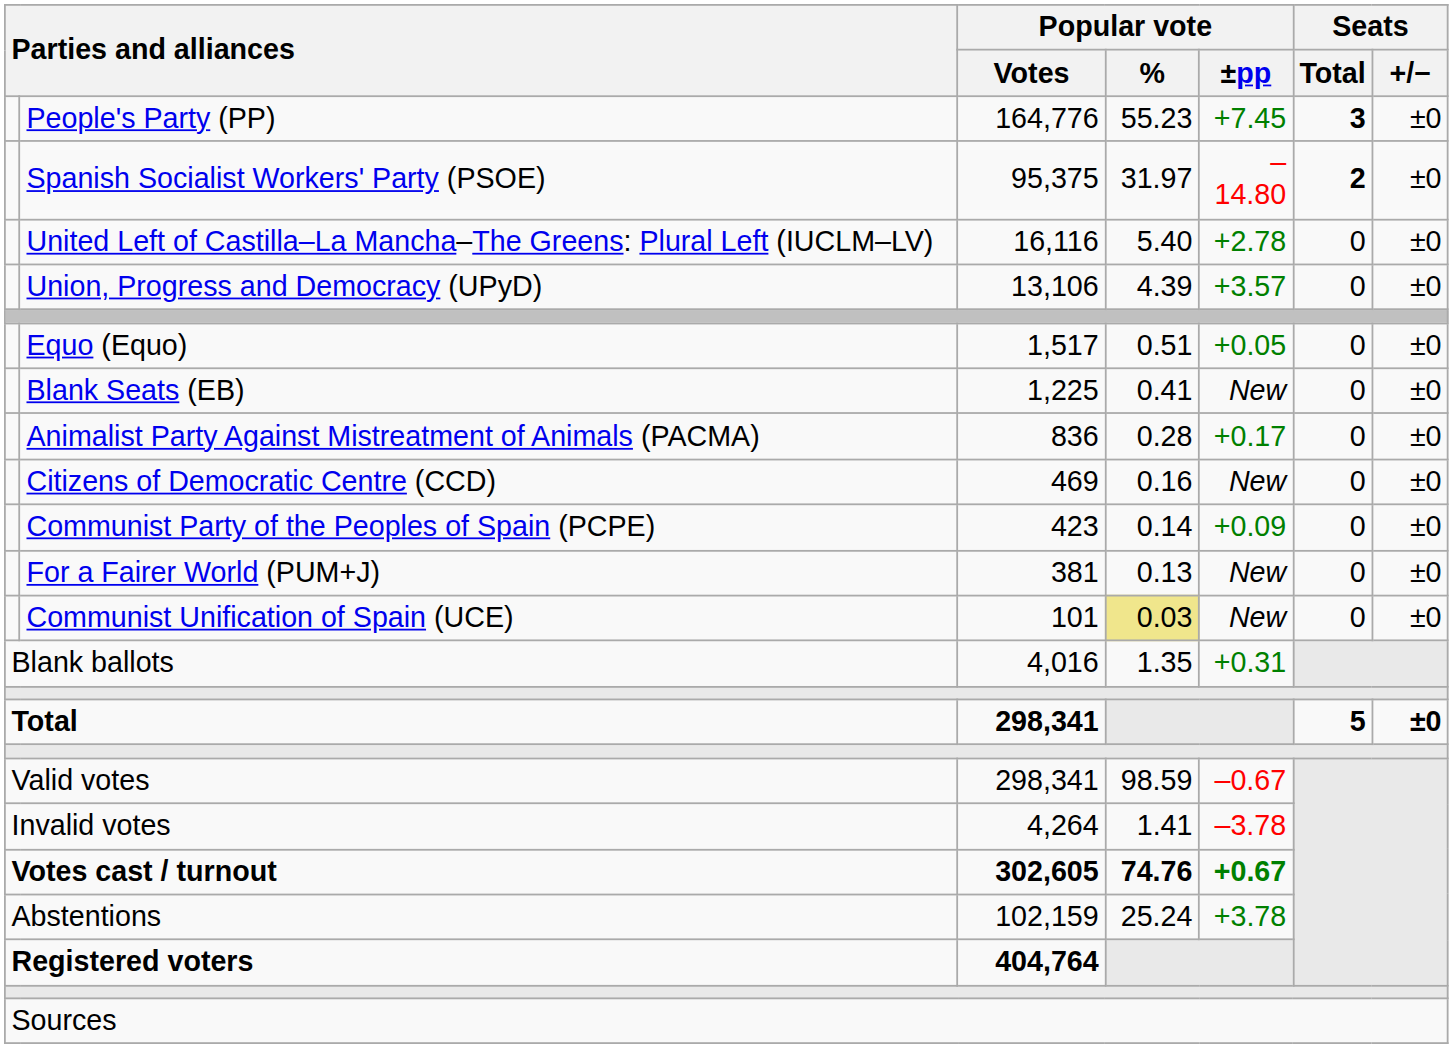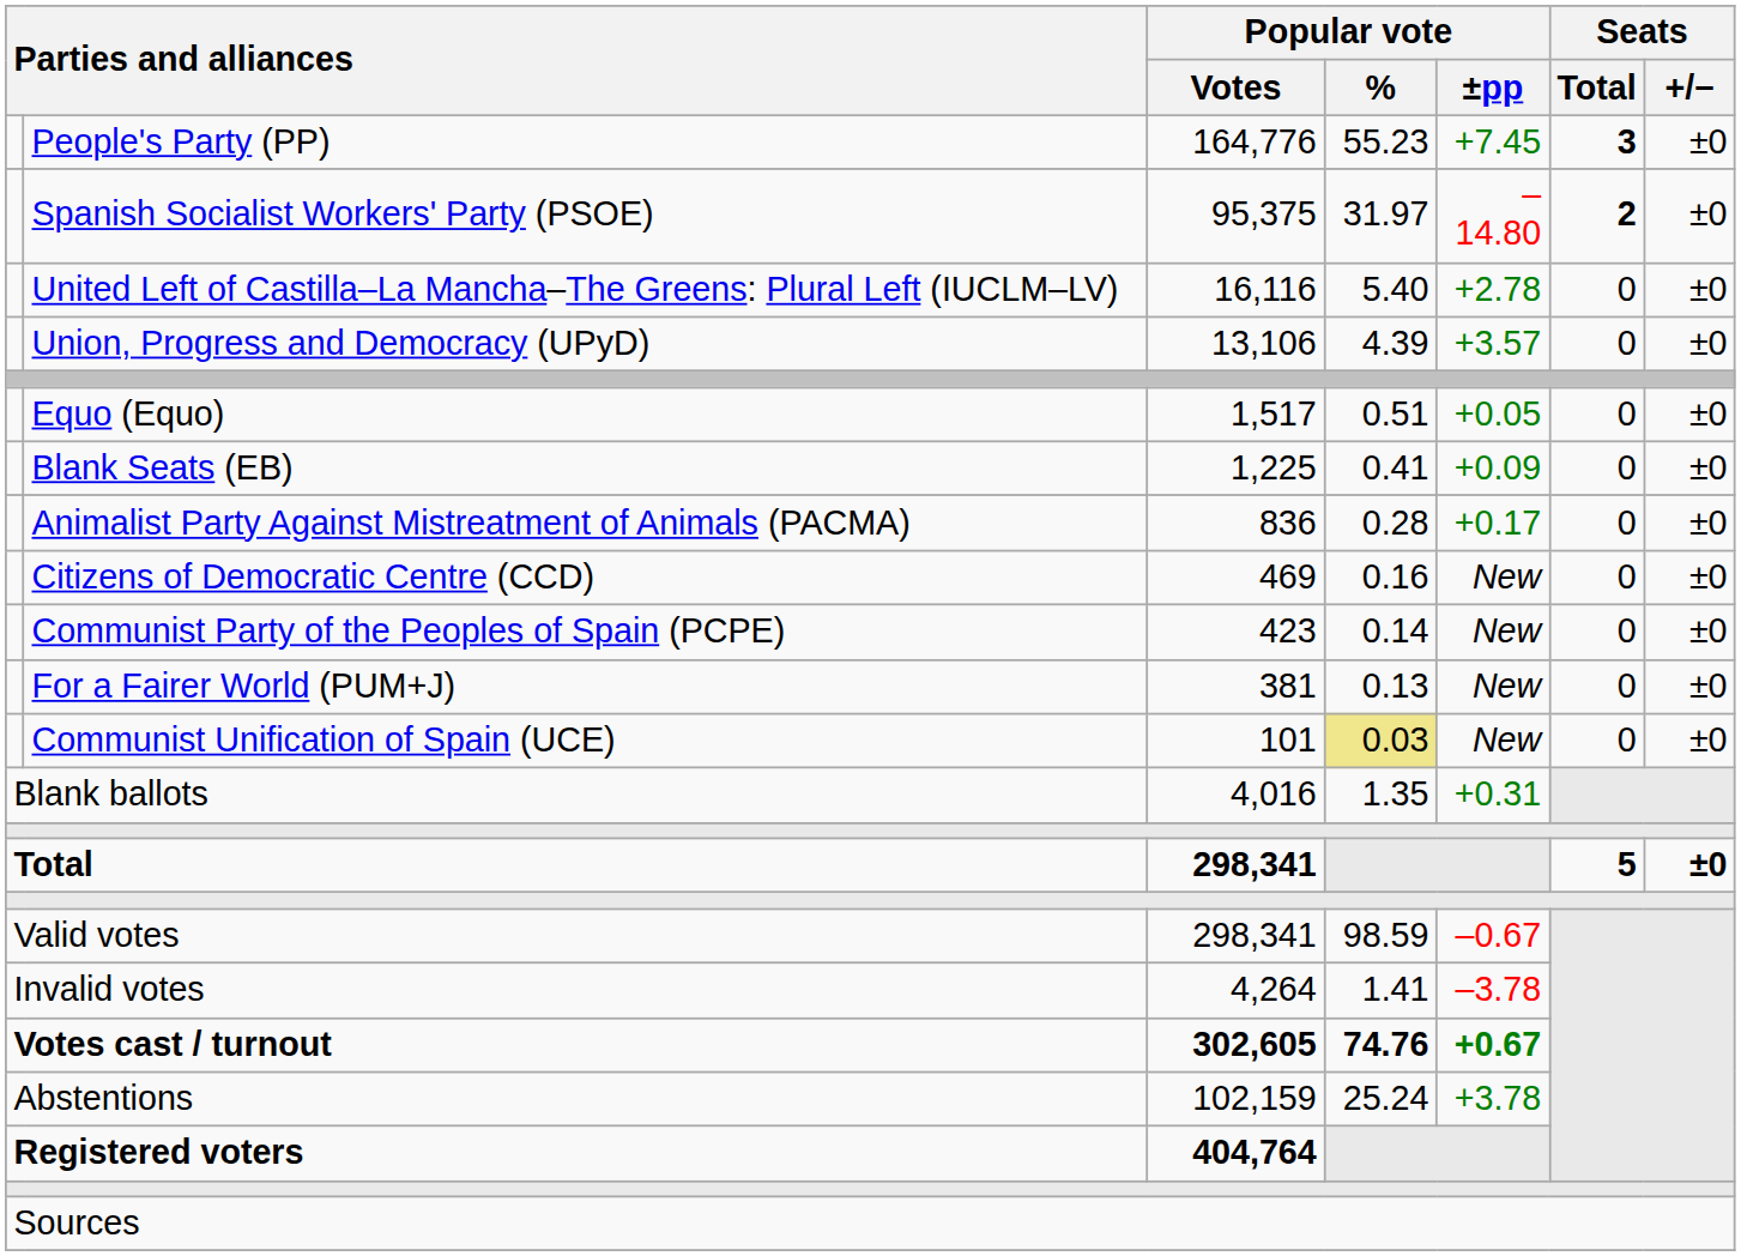 <table class="wikitable" style="text-align:right;">
 <tr>
 <th style="text-align:left;" rowspan="2" colspan="2" width="525">Parties and alliances</th>
 <th colspan="3">Popular vote</th>
 <th colspan="2">Seats</th>
 </tr>
 <tr>
 <th width="75">Votes</th>
 <th width="45">%</th>
 <th width="45">±<a href='#'>pp</a></th>
 <th width="35">Total</th>
 <th width="35">+/−</th>
 </tr>
 <tr>
 <td width="1" style="color:inherit;background:"></td>
 <td align="left"><a href='#'>People's Party</a> (PP)</td>
 <td>164,776</td>
 <td>55.23</td>
 <td style="color:green;">+7.45</td>
 <td><strong>3</strong></td>
 <td>±0</td>
 </tr>
 <tr>
 <td style="color:inherit;background:"></td>
 <td align="left"><a href='#'>Spanish Socialist Workers' Party</a> (PSOE)</td>
 <td>95,375</td>
 <td>31.97</td>
 <td style="color:red;">–14.80</td>
 <td><strong>2</strong></td>
 <td>±0</td>
 </tr>
 <tr>
 <td style="color:inherit;background:"></td>
 <td align="left"><a href='#'>United Left of Castilla–La Mancha</a>–<a href='#'>The Greens</a>: <a href='#'>Plural Left</a> (IUCLM–LV)</td>
 <td>16,116</td>
 <td>5.40</td>
 <td style="color:green;">+2.78</td>
 <td>0</td>
 <td>±0</td>
 </tr>
 <tr>
 <td style="color:inherit;background:"></td>
 <td align="left"><a href='#'>Union, Progress and Democracy</a> (UPyD)</td>
 <td>13,106</td>
 <td>4.39</td>
 <td style="color:green;">+3.57</td>
 <td>0</td>
 <td>±0</td>
 </tr>
 <tr>
 <td colspan="7" bgcolor="#C0C0C0"></td>
 </tr>
 <tr>
 <td style="color:inherit;background:"></td>
 <td align="left"><a href='#'>Equo</a> (Equo)</td>
 <td>1,517</td>
 <td>0.51</td>
 <td style="color:green;">+0.05</td>
 <td>0</td>
 <td>±0</td>
 </tr>
 <tr>
 <td style="color:inherit;background:"></td>
 <td align="left"><a href='#'>Blank Seats</a> (EB)</td>
 <td>1,225</td>
 <td>0.41</td>
-<td><em>New</em></td>
+<td style="color:green;">+0.09</td>
 <td>0</td>
 <td>±0</td>
 </tr>
 <tr>
 <td style="color:inherit;background:"></td>
 <td align="left"><a href='#'>Animalist Party Against Mistreatment of Animals</a> (PACMA)</td>
 <td>836</td>
 <td>0.28</td>
 <td style="color:green;">+0.17</td>
 <td>0</td>
 <td>±0</td>
 </tr>
 <tr>
 <td style="color:inherit;background:"></td>
 <td align="left"><a href='#'>Citizens of Democratic Centre</a> (CCD)</td>
 <td>469</td>
 <td>0.16</td>
 <td><em>New</em></td>
 <td>0</td>
 <td>±0</td>
 </tr>
 <tr>
 <td style="color:inherit;background:"></td>
 <td align="left"><a href='#'>Communist Party of the Peoples of Spain</a> (PCPE)</td>
 <td>423</td>
 <td>0.14</td>
-<td style="color:green;">+0.09</td>
+<td><em>New</em></td>
 <td>0</td>
 <td>±0</td>
 </tr>
 <tr>
 <td style="color:inherit;background:"></td>
 <td align="left"><a href='#'>For a Fairer World</a> (PUM+J)</td>
 <td>381</td>
 <td>0.13</td>
 <td><em>New</em></td>
 <td>0</td>
 <td>±0</td>
 </tr>
 <tr>
 <td style="color:inherit;background:"></td>
 <td align="left"><a href='#'>Communist Unification of Spain</a> (UCE)</td>
 <td>101</td>
 <td style="background: khaki;">0.03</td>
 <td><em>New</em></td>
 <td>0</td>
 <td>±0</td>
 </tr>
 <tr>
 <td align="left" colspan="2">Blank ballots</td>
 <td>4,016</td>
 <td>1.35</td>
 <td style="color:green;">+0.31</td>
 <td bgcolor="#E9E9E9" colspan="2"></td>
 </tr>
 <tr>
 <td colspan="7" bgcolor="#E9E9E9"></td>
 </tr>
 <tr style="font-weight:bold;">
 <td align="left" colspan="2">Total</td>
 <td>298,341</td>
 <td bgcolor="#E9E9E9" colspan="2"></td>
 <td>5</td>
 <td>±0</td>
 </tr>
 <tr>
 <td colspan="7" bgcolor="#E9E9E9"></td>
 </tr>
 <tr>
 <td align="left" colspan="2">Valid votes</td>
 <td>298,341</td>
 <td>98.59</td>
 <td style="color:red;">–0.67</td>
 <td bgcolor="#E9E9E9" colspan="2" rowspan="5"></td>
 </tr>
 <tr>
 <td align="left" colspan="2">Invalid votes</td>
 <td>4,264</td>
 <td>1.41</td>
 <td style="color:red;">–3.78</td>
 </tr>
 <tr style="font-weight:bold;">
 <td align="left" colspan="2">Votes cast / turnout</td>
 <td>302,605</td>
 <td>74.76</td>
 <td style="color:green;">+0.67</td>
 </tr>
 <tr>
 <td align="left" colspan="2">Abstentions</td>
 <td>102,159</td>
 <td>25.24</td>
 <td style="color:green;">+3.78</td>
 </tr>
 <tr style="font-weight:bold;">
 <td align="left" colspan="2">Registered voters</td>
 <td>404,764</td>
 <td bgcolor="#E9E9E9" colspan="2"></td>
 </tr>
 <tr>
 <td colspan="7" bgcolor="#E9E9E9"></td>
 </tr>
 <tr>
 <td align="left" colspan="7">Sources</td>
 </tr>
 </table>
